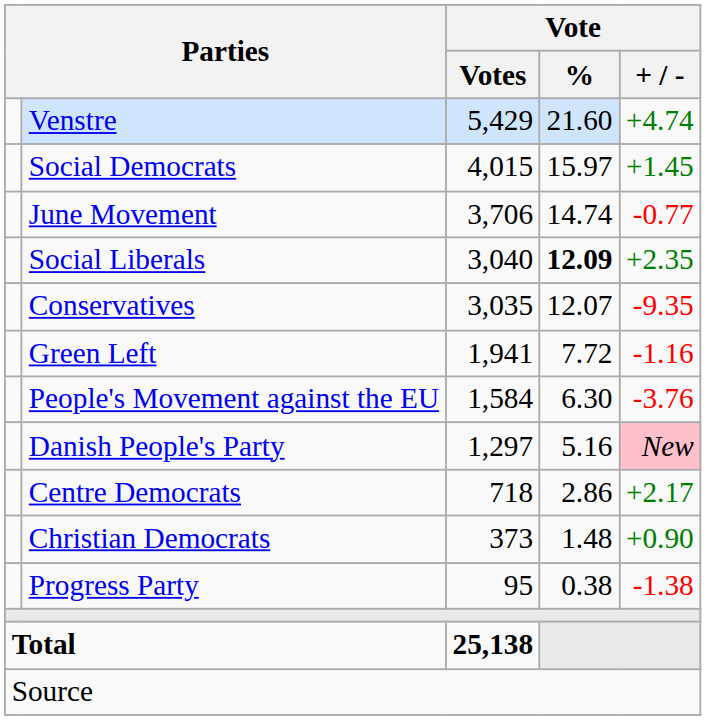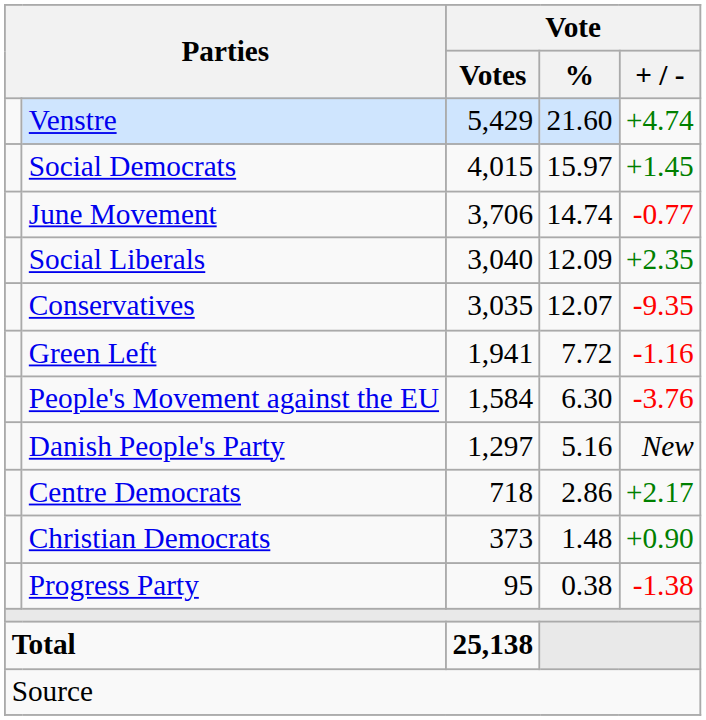 <table class="wikitable" style="text-align:right;">
 <tr>
 <th style="text-align:centre;" rowspan="2" colspan="2" width="225">Parties</th>
 <th colspan="3">Vote</th>
 </tr>
 <tr>
 <th width="15">Votes</th>
 <th width="15">%</th>
 <th width="15">+ / -</th>
 </tr>
 <tr>
 <td width="2" style="color:inherit;background:"></td>
 <td bgcolor=#cfe5fe   align="left"><a href='#'>Venstre</a></td>
 <td bgcolor=#cfe5fe>5,429</td>
 <td bgcolor=#cfe5fe>21.60</td>
 <td style=color:green;>+4.74</td>
 </tr>
 <tr>
 <td width="2" style="color:inherit;background:"></td>
 <td align="left"><a href='#'>Social Democrats</a></td>
 <td>4,015</td>
 <td>15.97</td>
 <td style=color:green;>+1.45</td>
 </tr>
 <tr>
 <td width="2" style="color:inherit;background:"></td>
 <td align="left"><a href='#'>June Movement</a></td>
 <td>3,706</td>
 <td>14.74</td>
 <td style=color:red;>-0.77</td>
 </tr>
 <tr>
 <td width="2" style="color:inherit;background:"></td>
 <td align="left"><a href='#'>Social Liberals</a></td>
 <td>3,040</td>
-<td><strong>12.09</strong></td>
+<td>12.09</td>
 <td style=color:green;>+2.35</td>
 </tr>
 <tr>
 <td width="2" style="color:inherit;background:"></td>
 <td align="left"><a href='#'>Conservatives</a></td>
 <td>3,035</td>
 <td>12.07</td>
 <td style=color:red;>-9.35</td>
 </tr>
 <tr>
 <td width="2" style="color:inherit;background:"></td>
 <td align="left"><a href='#'>Green Left</a></td>
 <td>1,941</td>
 <td>7.72</td>
 <td style=color:red;>-1.16</td>
 </tr>
 <tr>
 <td width="2" style="color:inherit;background:"></td>
 <td align="left"><a href='#'>People's Movement against the EU</a></td>
 <td>1,584</td>
 <td>6.30</td>
 <td style=color:red;>-3.76</td>
 </tr>
 <tr>
 <td width="2" style="color:inherit;background:"></td>
 <td align="left"><a href='#'>Danish People's Party</a></td>
 <td>1,297</td>
 <td>5.16</td>
-<td style="background: pink;"><em>New</em></td>
+<td><em>New</em></td>
 </tr>
 <tr>
 <td width="2" style="color:inherit;background:"></td>
 <td align="left"><a href='#'>Centre Democrats</a></td>
 <td>718</td>
 <td>2.86</td>
 <td style=color:green;>+2.17</td>
 </tr>
 <tr>
 <td width="2" style="color:inherit;background:"></td>
 <td align="left"><a href='#'>Christian Democrats</a></td>
 <td>373</td>
 <td>1.48</td>
 <td style=color:green;>+0.90</td>
 </tr>
 <tr>
 <td width="2" style="color:inherit;background:"></td>
 <td align="left"><a href='#'>Progress Party</a></td>
 <td>95</td>
 <td>0.38</td>
 <td style=color:red;>-1.38</td>
 </tr>
 <tr>
 <td colspan="7" bgcolor="#E9E9E9"></td>
 </tr>
 <tr>
 <td align="left" colspan="2"><strong>Total</strong></td>
 <td><strong>25,138</strong></td>
 <td bgcolor="#E9E9E9" colspan="2"></td>
 </tr>
 <tr>
 <td align="left" colspan="6">Source</td>
 </tr>
 </table>
